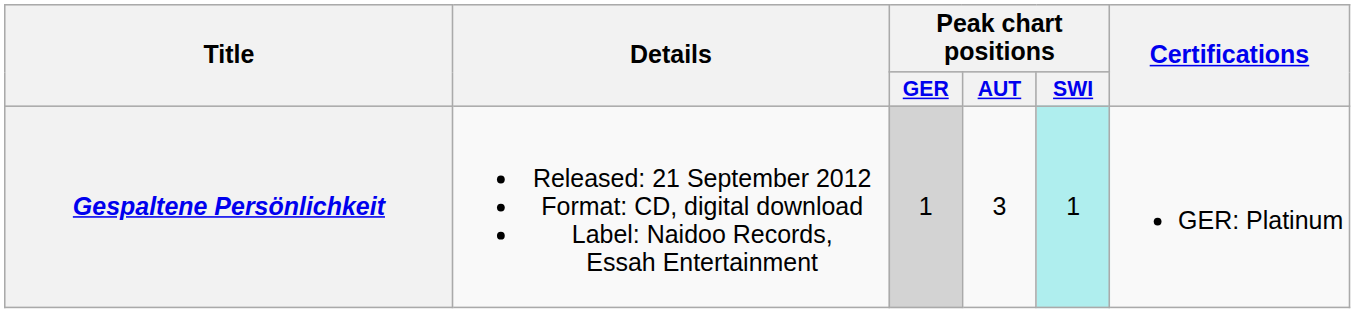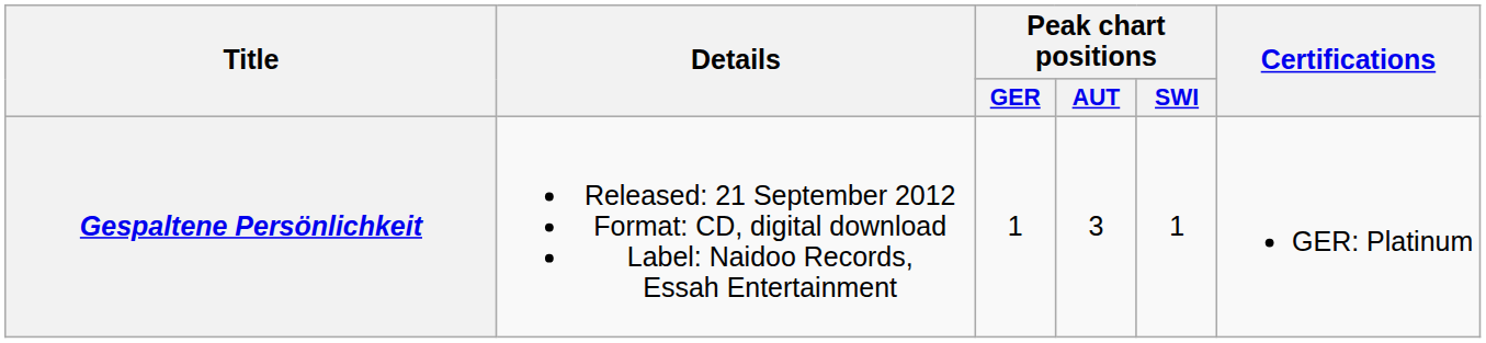 <table class="wikitable plainrowheaders" style="text-align:center;" border="1">
 <tr>
 <th scope="col" rowspan="2" style="width:17.5em;">Title</th>
 <th scope="col" rowspan="2" style="width:17em;">Details</th>
 <th scope="col" colspan="3">Peak chart positions</th>
 <th scope="col" rowspan="2"><a href='#'>Certifications</a></th>
 </tr>
 <tr>
 <th scope="col" style="width:3em;font-size:85%;"><a href='#'>GER</a><br></th>
 <th scope="col" style="width:3em;font-size:85%;"><a href='#'>AUT</a><br></th>
 <th scope="col" style="width:3em;font-size:85%;"><a href='#'>SWI</a><br></th>
 </tr>
 <tr>
 <th scope="row"><em><a href='#'>Gespaltene Persönlichkeit</a></em></th>
 <td><br><ul><li>Released: 21 September 2012</li><li>Format: CD, digital download</li><li>Label: Naidoo Records,<br>Essah Entertainment</li></ul></td>
-<td style="background: lightgrey;">1</td>
+<td>1</td>
 <td>3</td>
-<td style="background: paleturquoise;">1</td>
+<td>1</td>
 <td><br><ul><li>GER: Platinum</li></ul></td>
 </tr>
 </table>
